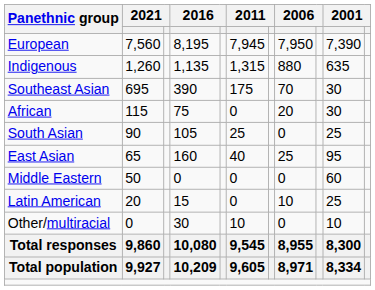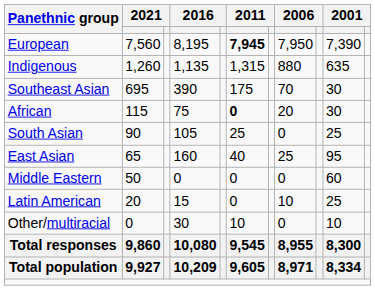 <table class="wikitable collapsible sortable">
 <tr>
 <th rowspan="2"><a href='#'>Panethnic</a> group</th>
 <th colspan="2">2021</th>
 <th colspan="2">2016</th>
 <th colspan="2">2011</th>
 <th colspan="2">2006</th>
 <th colspan="2">2001</th>
 </tr>
 <tr>
 <th><a href='#'></a></th>
 <th></th>
 <th></th>
 <th></th>
 <th></th>
 <th></th>
 <th></th>
 <th></th>
 <th></th>
 <th></th>
 </tr>
 <tr>
 <td><a href='#'>European</a></td>
 <td>7,560</td>
 <td></td>
 <td>8,195</td>
 <td></td>
-<td>7,945</td>
+<td><strong>7,945</strong></td>
 <td></td>
 <td>7,950</td>
 <td></td>
 <td>7,390</td>
 <td></td>
 </tr>
 <tr>
 <td><a href='#'>Indigenous</a></td>
 <td>1,260</td>
 <td></td>
 <td>1,135</td>
 <td></td>
 <td>1,315</td>
 <td></td>
 <td>880</td>
 <td></td>
 <td>635</td>
 <td></td>
 </tr>
 <tr>
 <td><a href='#'>Southeast Asian</a></td>
 <td>695</td>
 <td></td>
 <td>390</td>
 <td></td>
 <td>175</td>
 <td></td>
 <td>70</td>
 <td></td>
 <td>30</td>
 <td></td>
 </tr>
 <tr>
 <td><a href='#'>African</a></td>
 <td>115</td>
 <td></td>
 <td>75</td>
 <td></td>
-<td>0</td>
+<td><strong>0</strong></td>
 <td></td>
 <td>20</td>
 <td></td>
 <td>30</td>
 <td></td>
 </tr>
 <tr>
 <td><a href='#'>South Asian</a></td>
 <td>90</td>
 <td></td>
 <td>105</td>
 <td></td>
 <td>25</td>
 <td></td>
 <td>0</td>
 <td></td>
 <td>25</td>
 <td></td>
 </tr>
 <tr>
 <td><a href='#'>East Asian</a></td>
 <td>65</td>
 <td></td>
 <td>160</td>
 <td></td>
 <td>40</td>
 <td></td>
 <td>25</td>
 <td></td>
 <td>95</td>
 <td></td>
 </tr>
 <tr>
 <td><a href='#'>Middle Eastern</a></td>
 <td>50</td>
 <td></td>
 <td>0</td>
 <td></td>
 <td>0</td>
 <td></td>
 <td>0</td>
 <td></td>
 <td>60</td>
 <td></td>
 </tr>
 <tr>
 <td><a href='#'>Latin American</a></td>
 <td>20</td>
 <td></td>
 <td>15</td>
 <td></td>
 <td>0</td>
 <td></td>
 <td>10</td>
 <td></td>
 <td>25</td>
 <td></td>
 </tr>
 <tr>
 <td>Other/<a href='#'>multiracial</a></td>
 <td>0</td>
 <td></td>
 <td>30</td>
 <td></td>
 <td>10</td>
 <td></td>
 <td>0</td>
 <td></td>
 <td>10</td>
 <td></td>
 </tr>
 <tr>
 <th>Total responses</th>
 <th>9,860</th>
 <th></th>
 <th>10,080</th>
 <th></th>
 <th>9,545</th>
 <th></th>
 <th>8,955</th>
 <th></th>
 <th>8,300</th>
 <th></th>
 </tr>
 <tr class="sortbottom">
 <th>Total population</th>
 <th>9,927</th>
 <th></th>
 <th>10,209</th>
 <th></th>
 <th>9,605</th>
 <th></th>
 <th>8,971</th>
 <th></th>
 <th>8,334</th>
 <th></th>
 </tr>
 <tr class="sortbottom">
 <td colspan="11"></td>
 </tr>
 </table>
